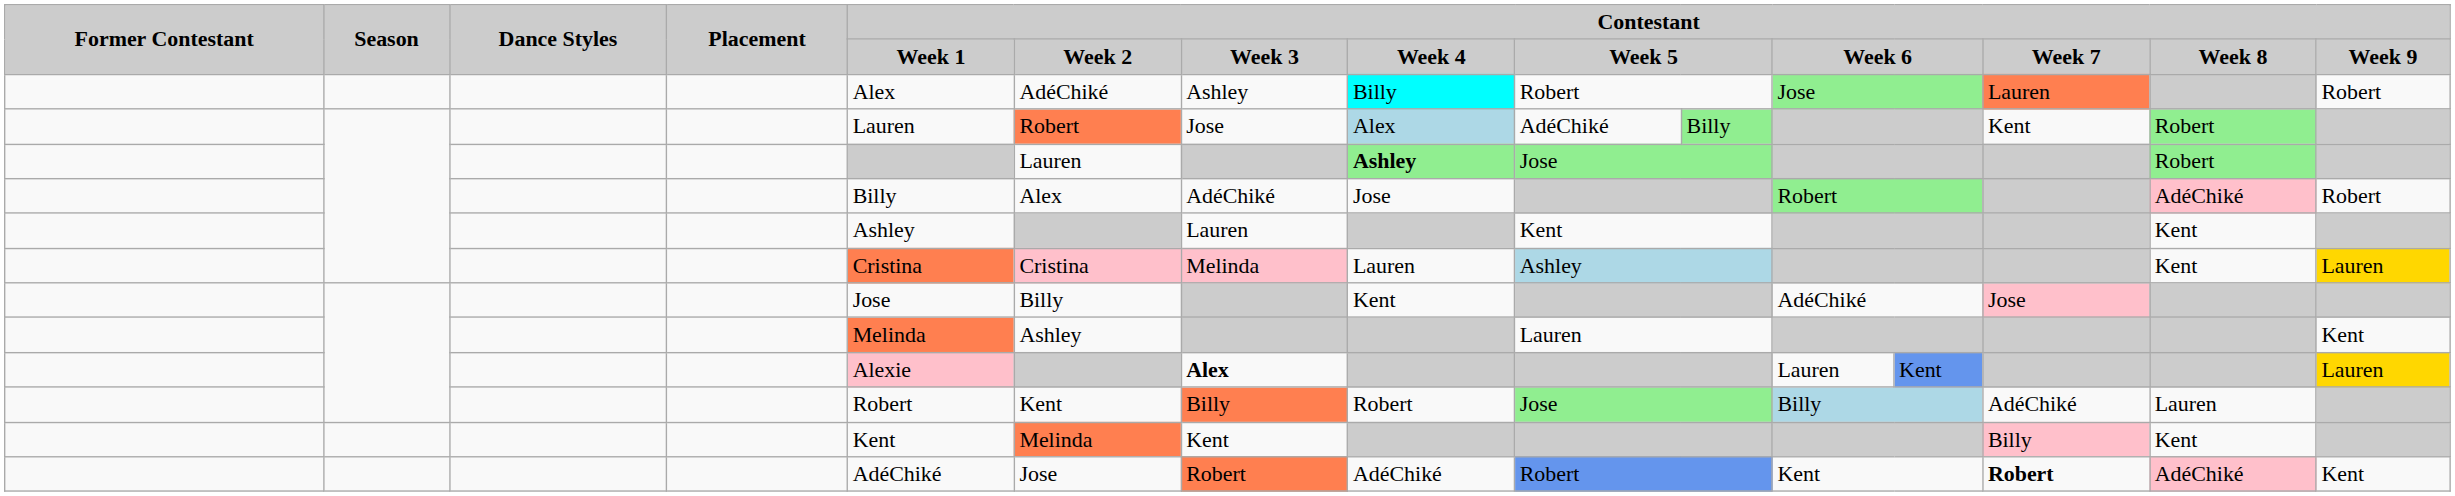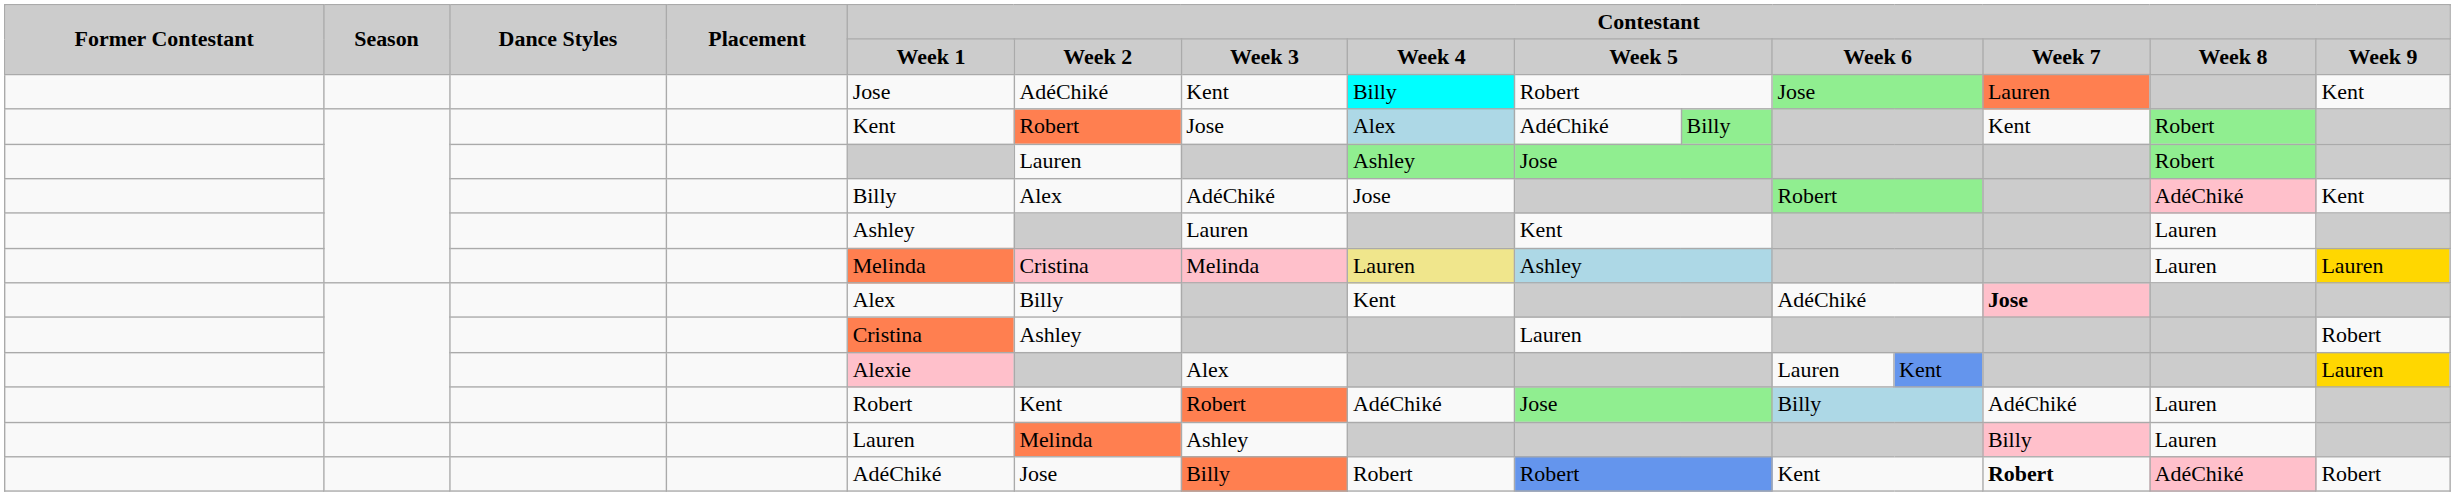 <table class="wikitable" style="width:90%;">
 <tr>
 <th style="background:#ccc; text-align:Center;" rowspan="2"><strong>Former Contestant</strong></th>
 <th style="background:#ccc; text-align:Center;" rowspan="2"><strong>Season</strong></th>
 <th style="background:#ccc; text-align:Center;" rowspan="2"><strong>Dance Styles</strong></th>
 <th style="background:#ccc; text-align:Center;" rowspan="2"><strong>Placement</strong></th>
 <th style="background:#ccc; text-align:Center;" colspan="11"><strong>Contestant</strong></th>
 </tr>
 <tr>
 <th style="background:#ccc;">Week 1</th>
 <th style="background:#ccc;">Week 2</th>
 <th style="background:#ccc;">Week 3</th>
 <th style="background:#ccc;">Week 4</th>
 <th style="background:#ccc;" colspan="2">Week 5</th>
 <th style="background:#ccc;" colspan="2">Week 6</th>
 <th style="background:#ccc;">Week 7</th>
 <th style="background:#ccc;">Week 8</th>
 <th style="background:#ccc;">Week 9</th>
 </tr>
 <tr>
 <td></td>
 <td></td>
 <td></td>
 <td></td>
-<td>Alex</td>
+<td>Jose</td>
 <td>AdéChiké</td>
-<td>Ashley</td>
+<td>Kent</td>
 <td style="background:aqua;">Billy</td>
 <td colspan="2">Robert</td>
 <td style="background:lightgreen;" colspan="2">Jose</td>
 <td style="background:coral;">Lauren</td>
 <td style="background:#ccc;"></td>
-<td>Robert</td>
+<td>Kent</td>
 </tr>
 <tr>
 <td></td>
 <td rowspan=5></td>
 <td></td>
 <td></td>
-<td>Lauren</td>
+<td>Kent</td>
 <td style="background:coral;">Robert</td>
 <td>Jose</td>
 <td style="background:lightblue;">Alex</td>
 <td>AdéChiké</td>
 <td style="background:lightgreen;">Billy</td>
 <td style="background:#ccc;" colspan="2"></td>
 <td>Kent</td>
 <td style="background:lightgreen;">Robert</td>
 <td style="background:#ccc;"></td>
 </tr>
 <tr>
 <td></td>
 <td></td>
 <td></td>
 <td style="background:#ccc;"></td>
 <td>Lauren</td>
 <td style="background:#ccc;"></td>
-<td style="background:lightgreen;"><strong>Ashley</strong></td>
+<td style="background:lightgreen;">Ashley</td>
 <td style="background:lightgreen;" colspan="2">Jose</td>
 <td style="background:#ccc;" colspan="2"></td>
 <td style="background:#ccc;"></td>
 <td style="background:lightgreen;">Robert</td>
 <td style="background:#ccc;"></td>
 </tr>
 <tr>
 <td></td>
 <td></td>
 <td></td>
 <td>Billy</td>
 <td>Alex</td>
 <td>AdéChiké</td>
 <td>Jose</td>
 <td style="background:#ccc;" colspan="2"></td>
 <td style="background:lightgreen;" colspan="2">Robert</td>
 <td style="background:#ccc;"></td>
 <td style="background:pink;">AdéChiké</td>
-<td>Robert</td>
+<td>Kent</td>
 </tr>
 <tr>
 <td></td>
 <td></td>
 <td></td>
 <td>Ashley</td>
 <td style="background:#ccc;"></td>
 <td>Lauren</td>
 <td style="background:#ccc;"></td>
 <td colspan="2">Kent</td>
 <td style="background:#ccc;" colspan="2"></td>
 <td style="background:#ccc;"></td>
+<td>Lauren</td>
+<td style="background:#ccc;"></td>
+</tr>
+<tr>
+<td></td>
+<td></td>
+<td></td>
+<td style="background:coral;">Melinda</td>
+<td style="background:pink;">Cristina</td>
+<td style="background:pink;">Melinda</td>
+<td style="background: khaki;">Lauren</td>
+<td style="background:lightblue;" colspan="2">Ashley</td>
+<td style="background:#ccc;" colspan="2"></td>
+<td style="background:#ccc;"></td>
+<td>Lauren</td>
+<td style="background:gold;">Lauren</td>
+</tr>
+<tr>
+<td></td>
+<td rowspan=4></td>
+<td></td>
+<td></td>
+<td>Alex</td>
+<td>Billy</td>
+<td style="background:#ccc;"></td>
 <td>Kent</td>
+<td style="background:#ccc;" colspan="2"></td>
+<td colspan="2">AdéChiké</td>
+<td style="background:pink;"><strong>Jose</strong></td>
+<td style="background:#ccc;"></td>
 <td style="background:#ccc;"></td>
 </tr>
 <tr>
 <td></td>
 <td></td>
 <td></td>
 <td style="background:coral;">Cristina</td>
-<td style="background:pink;">Cristina</td>
-<td style="background:pink;">Melinda</td>
-<td>Lauren</td>
-<td style="background:lightblue;" colspan="2">Ashley</td>
-<td style="background:#ccc;" colspan="2"></td>
-<td style="background:#ccc;"></td>
-<td>Kent</td>
-<td style="background:gold;">Lauren</td>
-</tr>
-<tr>
-<td></td>
-<td rowspan=4></td>
-<td></td>
-<td></td>
-<td>Jose</td>
-<td>Billy</td>
-<td style="background:#ccc;"></td>
-<td>Kent</td>
-<td style="background:#ccc;" colspan="2"></td>
-<td colspan="2">AdéChiké</td>
-<td style="background:pink;">Jose</td>
-<td style="background:#ccc;"></td>
-<td style="background:#ccc;"></td>
-</tr>
-<tr>
-<td></td>
-<td></td>
-<td></td>
-<td style="background:coral;">Melinda</td>
 <td>Ashley</td>
 <td style="background:#ccc;"></td>
 <td style="background:#ccc;"></td>
 <td colspan="2">Lauren</td>
 <td style="background:#ccc;" colspan="2"></td>
 <td style="background:#ccc;"></td>
 <td style="background:#ccc;"></td>
-<td>Kent</td>
+<td>Robert</td>
 </tr>
 <tr>
 <td></td>
 <td></td>
 <td></td>
 <td style="background:pink;">Alexie</td>
 <td style="background:#ccc;"></td>
-<td><strong>Alex</strong></td>
+<td>Alex</td>
 <td style="background:#ccc;"></td>
 <td style="background:#ccc;" colspan="2"></td>
 <td>Lauren</td>
 <td style="background:cornflowerblue;">Kent</td>
 <td style="background:#ccc;"></td>
 <td style="background:#ccc;"></td>
 <td style="background:gold;">Lauren</td>
 </tr>
 <tr>
 <td></td>
 <td></td>
 <td></td>
 <td>Robert</td>
 <td>Kent</td>
-<td style="background:coral;">Billy</td>
-<td>Robert</td>
+<td style="background:coral;">Robert</td>
+<td>AdéChiké</td>
 <td style="background:lightgreen;" colspan="2">Jose</td>
 <td style="background:lightblue;" colspan="2">Billy</td>
 <td>AdéChiké</td>
 <td>Lauren</td>
 <td style="background:#ccc;"></td>
 </tr>
 <tr>
 <td></td>
 <td></td>
 <td></td>
 <td></td>
-<td>Kent</td>
+<td>Lauren</td>
 <td style="background:coral;">Melinda</td>
-<td>Kent</td>
+<td>Ashley</td>
 <td style="background:#ccc;"></td>
 <td style="background:#ccc;" colspan="2"></td>
 <td style="background:#ccc;" colspan="2"></td>
 <td style="background:pink;">Billy</td>
-<td>Kent</td>
+<td>Lauren</td>
 <td style="background:#ccc;"></td>
 </tr>
 <tr>
 <td></td>
 <td></td>
 <td></td>
 <td></td>
 <td>AdéChiké</td>
 <td>Jose</td>
-<td style="background:coral;">Robert</td>
-<td>AdéChiké</td>
+<td style="background:coral;">Billy</td>
+<td>Robert</td>
 <td style="background:cornflowerblue;" colspan="2">Robert</td>
 <td colspan="2">Kent</td>
 <td><strong>Robert</strong></td>
 <td style="background:pink;">AdéChiké</td>
-<td>Kent</td>
+<td>Robert</td>
 </tr>
 </table>
